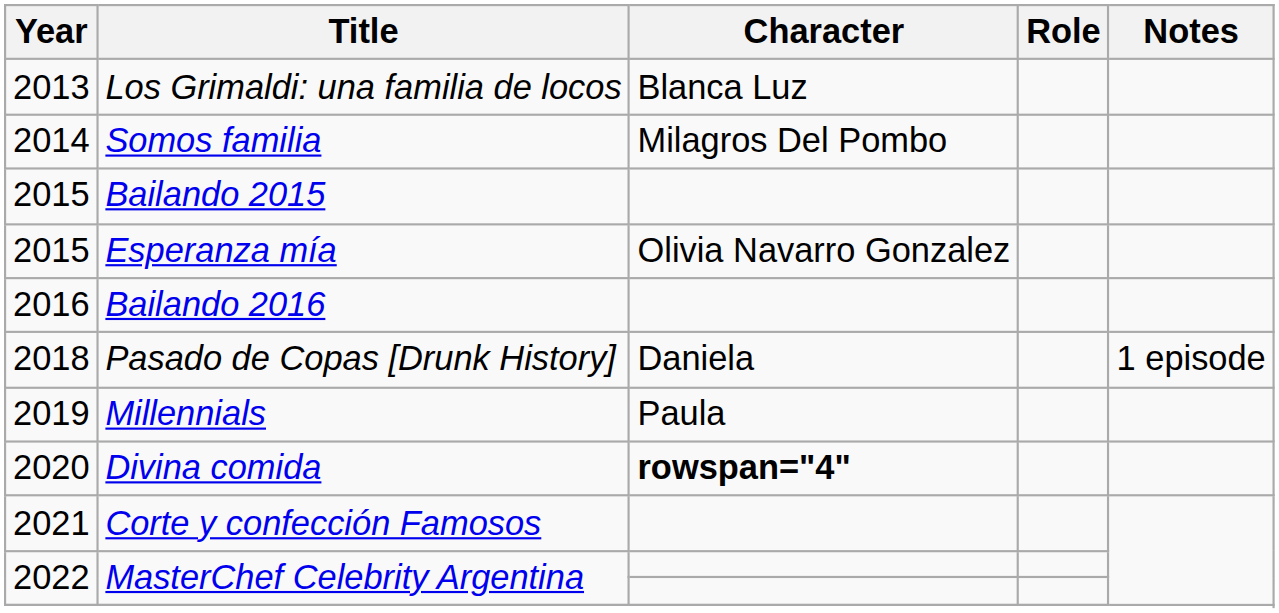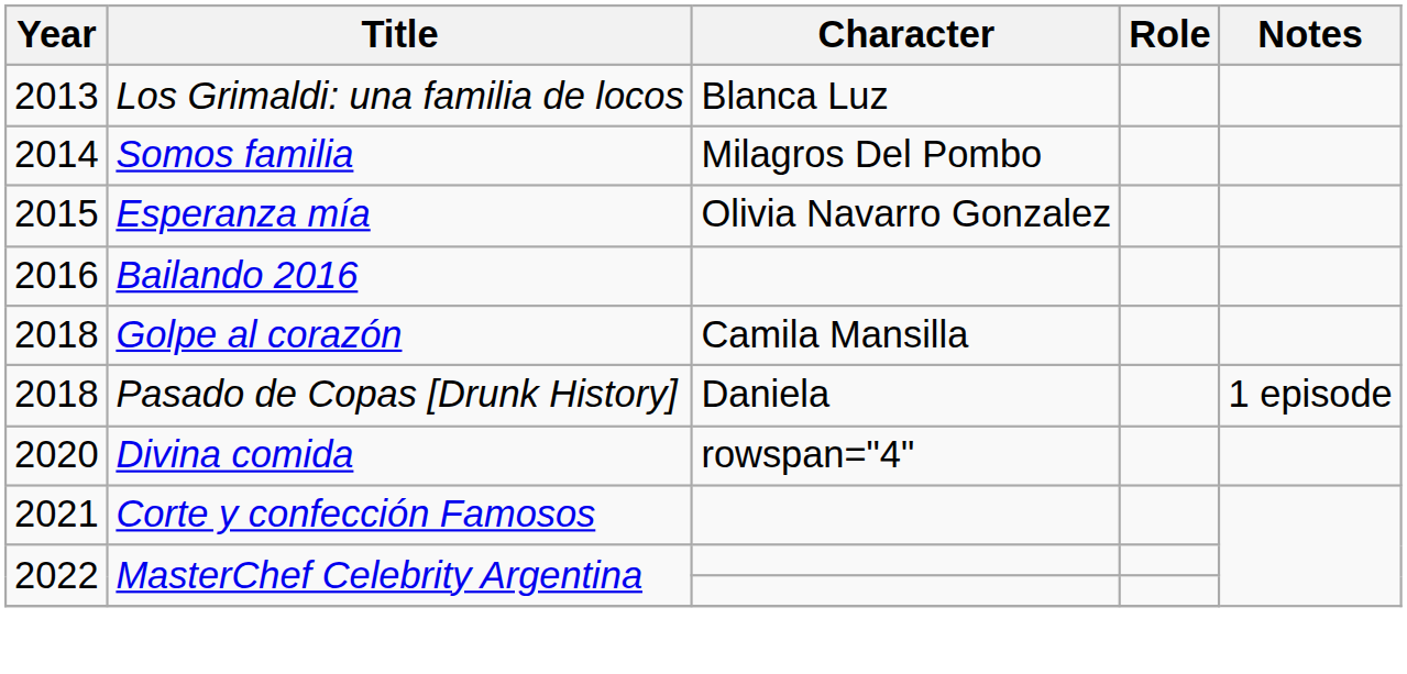 <table class="wikitable">
 <tr>
 <th>Year</th>
 <th>Title</th>
 <th>Character</th>
 <th>Role</th>
 <th>Notes</th>
 </tr>
 <tr>
 <td>2013</td>
 <td><em>Los Grimaldi: una familia de locos</em></td>
 <td>Blanca Luz</td>
 <td></td>
 <td></td>
 </tr>
 <tr>
 <td>2014</td>
 <td><em><a href='#'>Somos familia</a></em></td>
 <td>Milagros Del Pombo</td>
 <td></td>
 <td></td>
 </tr>
 <tr>
 <td>2015</td>
-<td><em><a href='#'>Bailando 2015</a></em></td>
-<td></td>
-<td></td>
-<td></td>
-</tr>
-<tr>
-<td>2015</td>
 <td><em><a href='#'>Esperanza mía</a></em></td>
 <td>Olivia Navarro Gonzalez</td>
 <td></td>
 <td></td>
 </tr>
 <tr>
 <td>2016</td>
 <td><em><a href='#'>Bailando 2016</a></em></td>
 <td></td>
 <td></td>
 <td></td>
 </tr>
 <tr>
 <td>2018</td>
+<td><em><a href='#'>Golpe al corazón</a></em></td>
+<td>Camila Mansilla</td>
+<td></td>
+<td></td>
+</tr>
+<tr>
+<td>2018</td>
 <td><em>Pasado de Copas [Drunk History]</em></td>
 <td>Daniela</td>
 <td></td>
 <td>1 episode</td>
 </tr>
 <tr>
-<td>2019</td>
-<td><em><a href='#'>Millennials</a></em></td>
-<td>Paula</td>
-<td></td>
-<td></td>
-</tr>
-<tr>
 <td>2020</td>
 <td><em><a href='#'>Divina comida</a></em></td>
-<td><strong>rowspan="4" </strong></td>
+<td>rowspan="4" </td>
 <td></td>
 <td></td>
 </tr>
 <tr>
 <td>2021</td>
 <td><em><a href='#'>Corte y confección Famosos</a></em></td>
 <td></td>
 <td></td>
 </tr>
 <tr>
 <td rowspan="2">2022</td>
 <td rowspan="2"><em><a href='#'>MasterChef Celebrity Argentina</a></em></td>
 <td></td>
 <td></td>
 </tr>
 <tr>
 <td></td>
 <td></td>
 </tr>
 <tr>
 </tr>
 </table>
